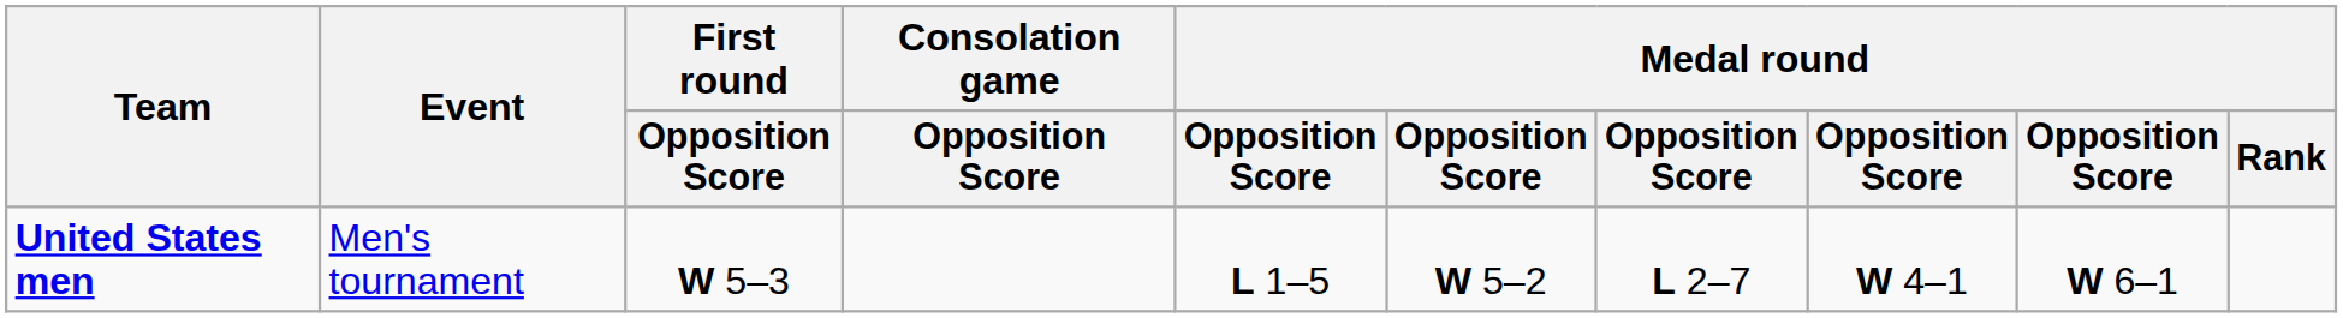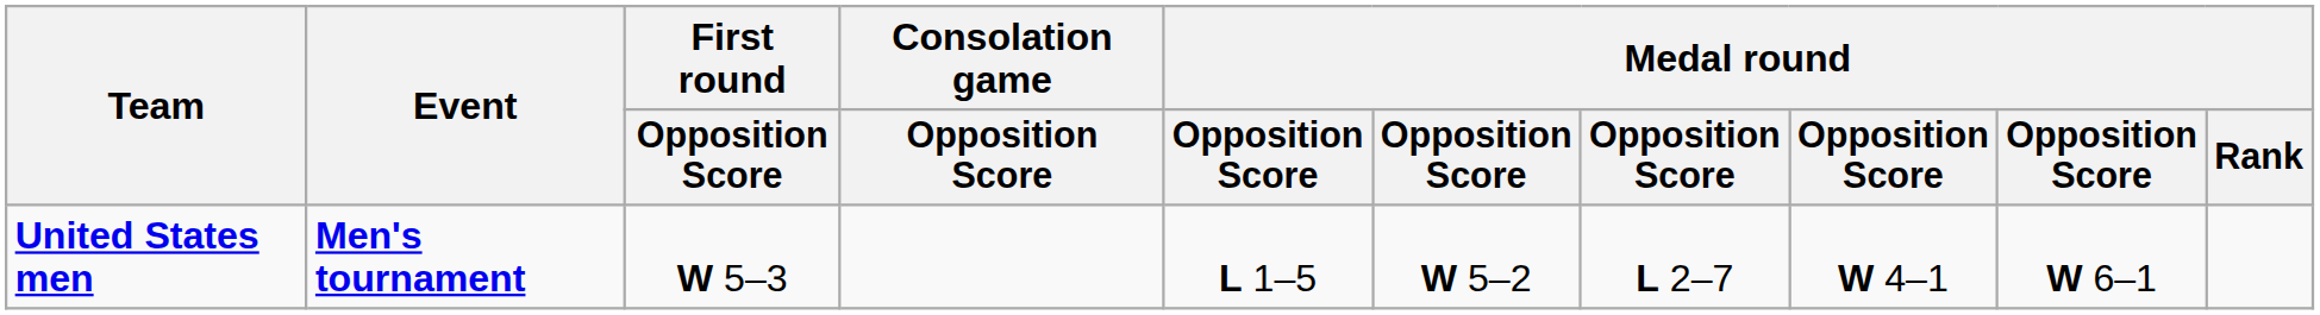 <table class=wikitable style=font-size:90%;text-align:center>
 <tr>
 <th rowspan=2>Team</th>
 <th rowspan=2>Event</th>
 <th>First round</th>
 <th>Consolation game</th>
 <th colspan=6>Medal round</th>
 </tr>
 <tr style=font-size:95%>
 <th>Opposition<br>Score</th>
 <th>Opposition<br>Score</th>
 <th>Opposition<br>Score</th>
 <th>Opposition<br>Score</th>
 <th>Opposition<br>Score</th>
 <th>Opposition<br>Score</th>
 <th>Opposition<br>Score</th>
 <th>Rank</th>
 </tr>
 <tr>
 <td align=left><strong><a href='#'>United States men</a></strong></td>
-<td align=left><a href='#'>Men's tournament</a></td>
+<td align=left><strong><a href='#'>Men's tournament</a></strong></td>
 <td><br><strong>W</strong> 5–3</td>
 <td></td>
 <td><br><strong>L</strong> 1–5</td>
 <td><br><strong>W</strong> 5–2</td>
 <td><br><strong>L</strong> 2–7</td>
 <td><br><strong>W</strong> 4–1</td>
 <td><br><strong>W</strong> 6–1</td>
 <td></td>
 </tr>
 </table>
